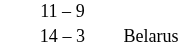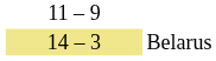 <table style="text-align:center">
 <tr>
 <th width=200></th>
 <th width=100></th>
 <th width=200></th>
 </tr>
 <tr>
 <td align=right><strong></strong></td>
 <td>11 – 9</td>
 <td align=left></td>
 </tr>
 <tr>
 <td align=right><strong></strong></td>
-<td>14 – 3</td>
+<td style="background: khaki;">14 – 3</td>
 <td align=left>Belarus</td>
 </tr>
 </table>
